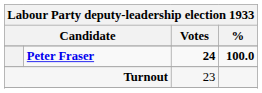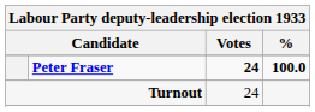 <table class="wikitable" style="font-size: 95%;">
 <tr style="background-color:#E9E9E9">
 <th colspan="4">Labour Party deputy-leadership election 1933</th>
 </tr>
 <tr style="background-color:#E9E9E9">
 <th colspan="2" style="width: 170px">Candidate</th>
 <th style="width: 50px">Votes</th>
 <th style="width: 40px">%</th>
 </tr>
 <tr>
 </tr>
 <tr>
 <th style="background-color: "></th>
 <td style="width: 170px"><strong><a href='#'>Peter Fraser</a></strong></td>
 <td align="right"><strong>24</strong></td>
 <td align="right"><strong>100.0</strong></td>
 </tr>
 <tr>
 </tr>
 <tr style="background-color:#F6F6F6">
 <td colspan="2" align="right"><strong>Turnout</strong></td>
-<td align="right">23</td>
+<td align="right">24</td>
 <td></td>
 </tr>
 <tr>
 </tr>
 <tr style="background-color:#F6F6F6">
 </tr>
 </table>
